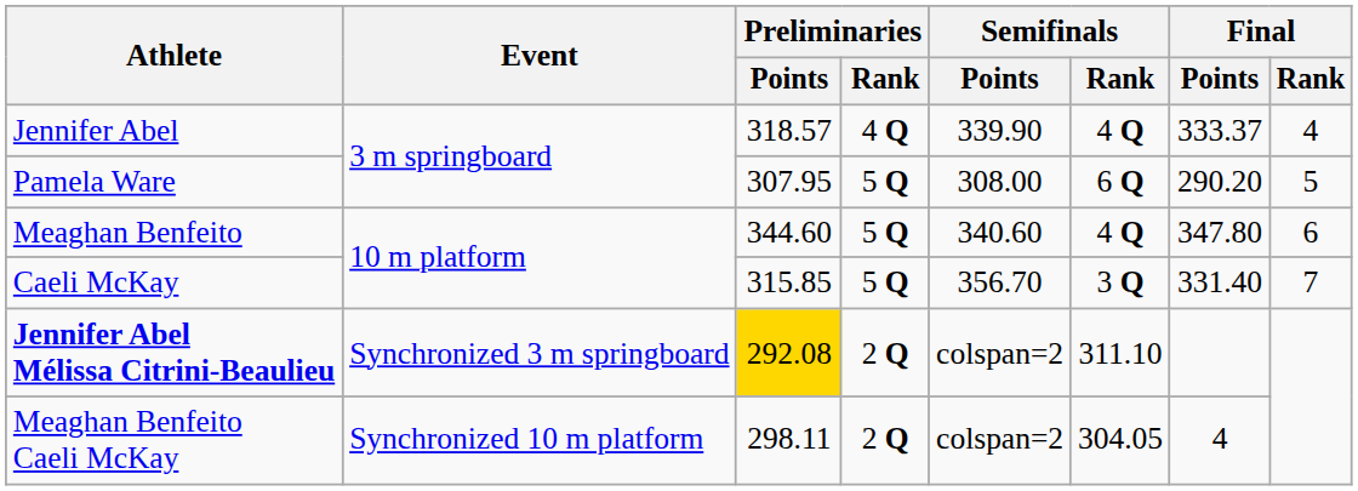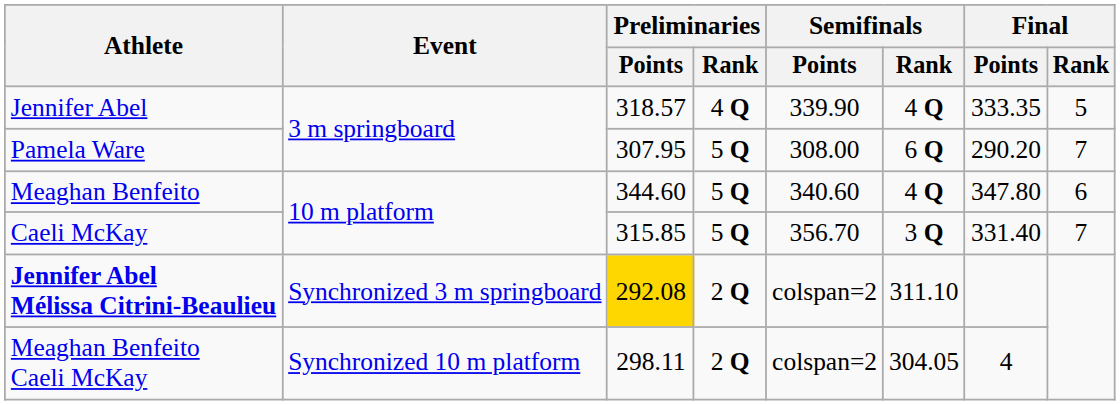 <table class=wikitable style="font-size:90%;">
 <tr>
 <th rowspan="2">Athlete</th>
 <th rowspan="2">Event</th>
 <th colspan="2">Preliminaries</th>
 <th colspan="2">Semifinals</th>
 <th colspan="2">Final</th>
 </tr>
 <tr style="font-size:95%">
 <th>Points</th>
 <th>Rank</th>
 <th>Points</th>
 <th>Rank</th>
 <th>Points</th>
 <th>Rank</th>
 </tr>
 <tr align=center>
 <td align=left><a href='#'>Jennifer Abel</a></td>
 <td align=left rowspan=2><a href='#'>3 m springboard</a></td>
 <td>318.57</td>
 <td>4 <strong>Q</strong></td>
 <td>339.90</td>
 <td>4 <strong>Q</strong></td>
-<td>333.37</td>
-<td>4</td>
+<td>333.35</td>
+<td>5</td>
 </tr>
 <tr align=center>
 <td align=left><a href='#'>Pamela Ware</a></td>
 <td>307.95</td>
 <td>5 <strong>Q</strong></td>
 <td>308.00</td>
 <td>6 <strong>Q</strong></td>
 <td>290.20</td>
-<td>5</td>
+<td>7</td>
 </tr>
 <tr align=center>
 <td align=left><a href='#'>Meaghan Benfeito</a></td>
 <td align=left rowspan=2><a href='#'>10 m platform</a></td>
 <td>344.60</td>
 <td>5 <strong>Q</strong></td>
 <td>340.60</td>
 <td>4 <strong>Q</strong></td>
 <td>347.80</td>
 <td>6</td>
 </tr>
 <tr align=center>
 <td align=left><a href='#'>Caeli McKay</a></td>
 <td>315.85</td>
 <td>5 <strong>Q</strong></td>
 <td>356.70</td>
 <td>3 <strong>Q</strong></td>
 <td>331.40</td>
 <td>7</td>
 </tr>
 <tr align=center>
 <td align=left><strong><a href='#'>Jennifer Abel</a><br><a href='#'>Mélissa Citrini-Beaulieu</a></strong></td>
 <td align=left><a href='#'>Synchronized 3 m springboard</a></td>
 <td style="background: gold;">292.08</td>
 <td>2 <strong>Q</strong></td>
 <td>colspan=2 </td>
 <td>311.10</td>
 <td></td>
 </tr>
 <tr align=center>
 <td align=left><a href='#'>Meaghan Benfeito</a><br><a href='#'>Caeli McKay</a></td>
 <td align=left><a href='#'>Synchronized 10 m platform</a></td>
 <td>298.11</td>
 <td>2 <strong>Q</strong></td>
 <td>colspan=2 </td>
 <td>304.05</td>
 <td>4</td>
 </tr>
 </table>
